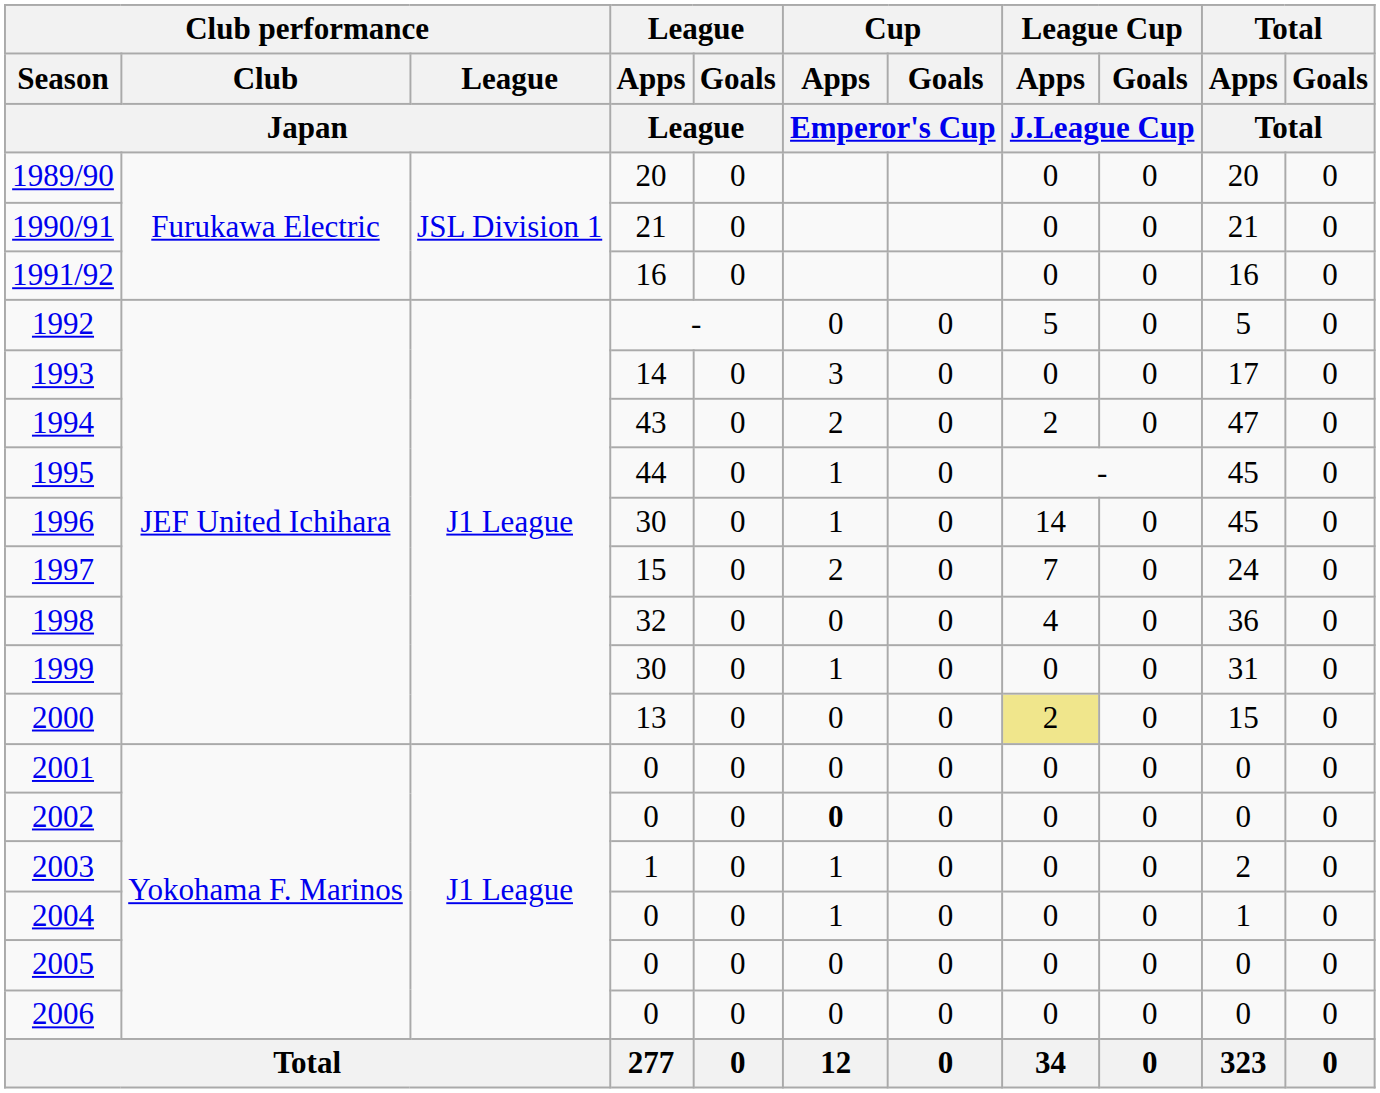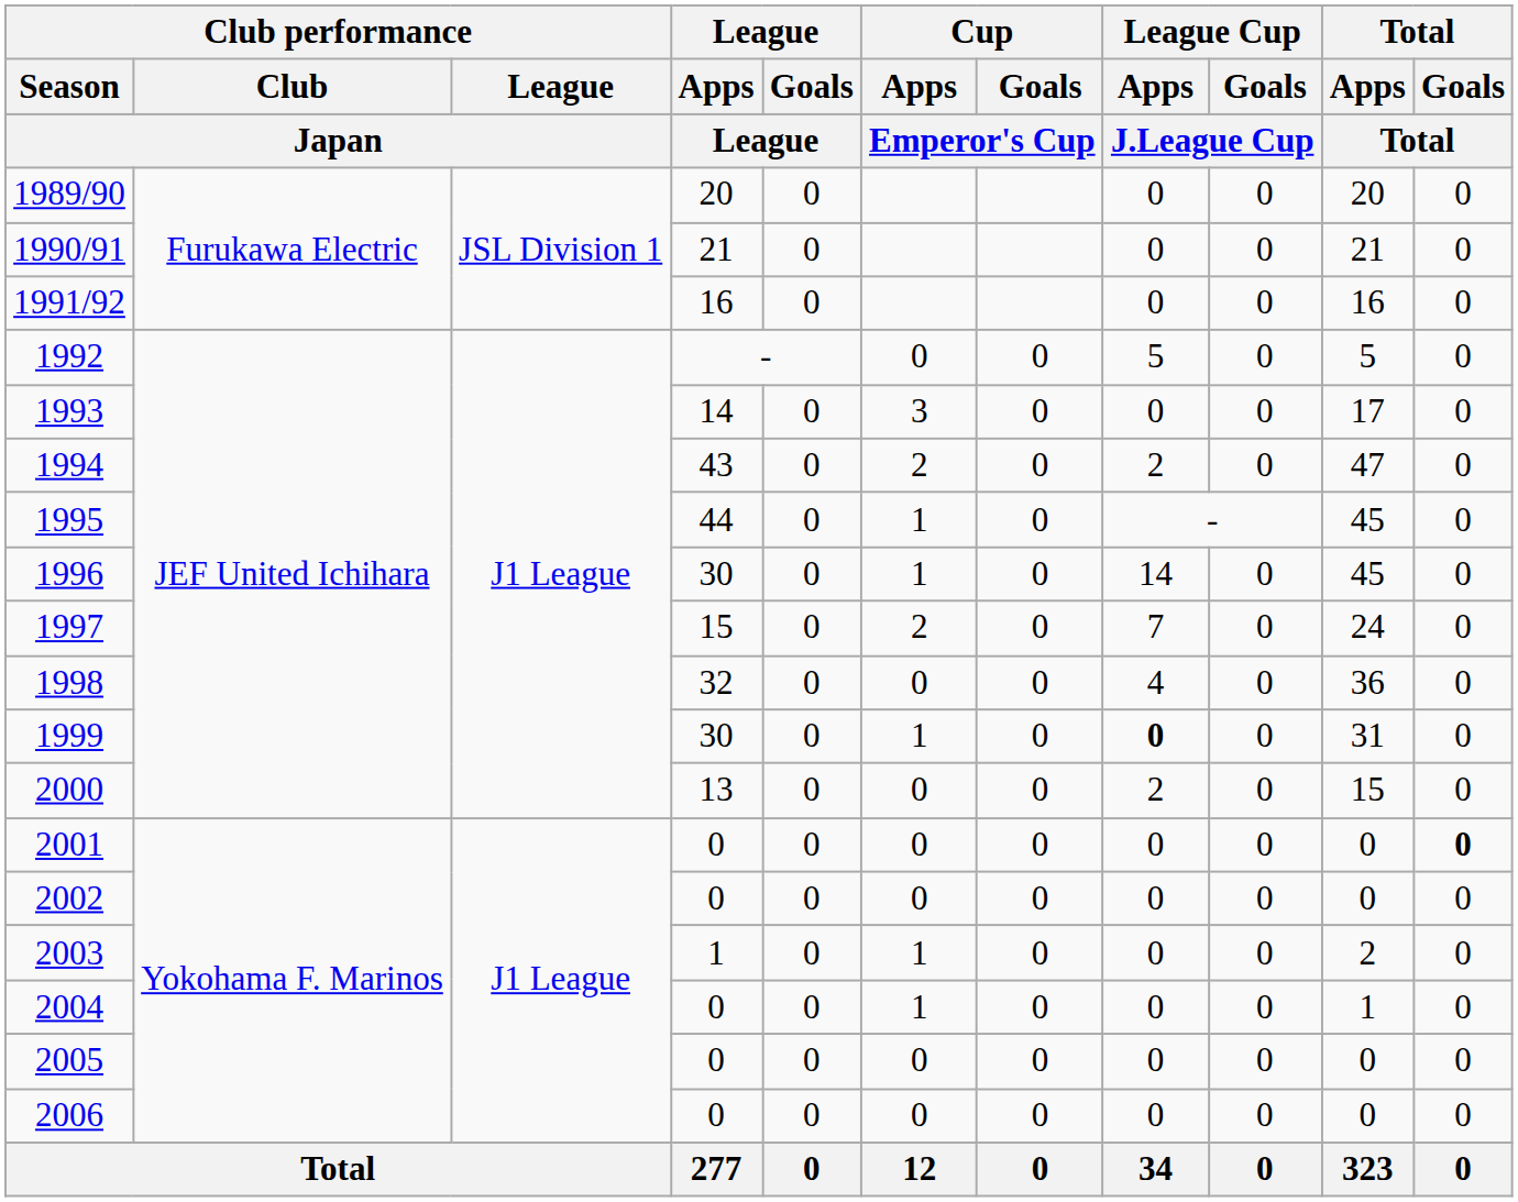 <table class="wikitable" style="text-align:center;">
 <tr>
 <th colspan=3>Club performance</th>
 <th colspan=2>League</th>
 <th colspan=2>Cup</th>
 <th colspan=2>League Cup</th>
 <th colspan=2>Total</th>
 </tr>
 <tr>
 <th>Season</th>
 <th>Club</th>
 <th>League</th>
 <th>Apps</th>
 <th>Goals</th>
 <th>Apps</th>
 <th>Goals</th>
 <th>Apps</th>
 <th>Goals</th>
 <th>Apps</th>
 <th>Goals</th>
 </tr>
 <tr>
 <th colspan=3>Japan</th>
 <th colspan=2>League</th>
 <th colspan=2><a href='#'>Emperor's Cup</a></th>
 <th colspan=2><a href='#'>J.League Cup</a></th>
 <th colspan=2>Total</th>
 </tr>
 <tr>
 <td><a href='#'>1989/90</a></td>
 <td rowspan="3"><a href='#'>Furukawa Electric</a></td>
 <td rowspan="3"><a href='#'>JSL Division 1</a></td>
 <td>20</td>
 <td>0</td>
 <td></td>
 <td></td>
 <td>0</td>
 <td>0</td>
 <td>20</td>
 <td>0</td>
 </tr>
 <tr>
 <td><a href='#'>1990/91</a></td>
 <td>21</td>
 <td>0</td>
 <td></td>
 <td></td>
 <td>0</td>
 <td>0</td>
 <td>21</td>
 <td>0</td>
 </tr>
 <tr>
 <td><a href='#'>1991/92</a></td>
 <td>16</td>
 <td>0</td>
 <td></td>
 <td></td>
 <td>0</td>
 <td>0</td>
 <td>16</td>
 <td>0</td>
 </tr>
 <tr>
 <td><a href='#'>1992</a></td>
 <td rowspan="9"><a href='#'>JEF United Ichihara</a></td>
 <td rowspan="9"><a href='#'>J1 League</a></td>
 <td colspan="2">-</td>
 <td>0</td>
 <td>0</td>
 <td>5</td>
 <td>0</td>
 <td>5</td>
 <td>0</td>
 </tr>
 <tr>
 <td><a href='#'>1993</a></td>
 <td>14</td>
 <td>0</td>
 <td>3</td>
 <td>0</td>
 <td>0</td>
 <td>0</td>
 <td>17</td>
 <td>0</td>
 </tr>
 <tr>
 <td><a href='#'>1994</a></td>
 <td>43</td>
 <td>0</td>
 <td>2</td>
 <td>0</td>
 <td>2</td>
 <td>0</td>
 <td>47</td>
 <td>0</td>
 </tr>
 <tr>
 <td><a href='#'>1995</a></td>
 <td>44</td>
 <td>0</td>
 <td>1</td>
 <td>0</td>
 <td colspan="2">-</td>
 <td>45</td>
 <td>0</td>
 </tr>
 <tr>
 <td><a href='#'>1996</a></td>
 <td>30</td>
 <td>0</td>
 <td>1</td>
 <td>0</td>
 <td>14</td>
 <td>0</td>
 <td>45</td>
 <td>0</td>
 </tr>
 <tr>
 <td><a href='#'>1997</a></td>
 <td>15</td>
 <td>0</td>
 <td>2</td>
 <td>0</td>
 <td>7</td>
 <td>0</td>
 <td>24</td>
 <td>0</td>
 </tr>
 <tr>
 <td><a href='#'>1998</a></td>
 <td>32</td>
 <td>0</td>
 <td>0</td>
 <td>0</td>
 <td>4</td>
 <td>0</td>
 <td>36</td>
 <td>0</td>
 </tr>
 <tr>
 <td><a href='#'>1999</a></td>
 <td>30</td>
 <td>0</td>
 <td>1</td>
 <td>0</td>
-<td>0</td>
+<td><strong>0</strong></td>
 <td>0</td>
 <td>31</td>
 <td>0</td>
 </tr>
 <tr>
 <td><a href='#'>2000</a></td>
 <td>13</td>
 <td>0</td>
 <td>0</td>
 <td>0</td>
-<td style="background: khaki;">2</td>
+<td>2</td>
 <td>0</td>
 <td>15</td>
 <td>0</td>
 </tr>
 <tr>
 <td><a href='#'>2001</a></td>
 <td rowspan="6"><a href='#'>Yokohama F. Marinos</a></td>
 <td rowspan="6"><a href='#'>J1 League</a></td>
 <td>0</td>
 <td>0</td>
 <td>0</td>
 <td>0</td>
 <td>0</td>
 <td>0</td>
 <td>0</td>
-<td>0</td>
+<td><strong>0</strong></td>
 </tr>
 <tr>
 <td><a href='#'>2002</a></td>
 <td>0</td>
 <td>0</td>
-<td><strong>0</strong></td>
+<td>0</td>
 <td>0</td>
 <td>0</td>
 <td>0</td>
 <td>0</td>
 <td>0</td>
 </tr>
 <tr>
 <td><a href='#'>2003</a></td>
 <td>1</td>
 <td>0</td>
 <td>1</td>
 <td>0</td>
 <td>0</td>
 <td>0</td>
 <td>2</td>
 <td>0</td>
 </tr>
 <tr>
 <td><a href='#'>2004</a></td>
 <td>0</td>
 <td>0</td>
 <td>1</td>
 <td>0</td>
 <td>0</td>
 <td>0</td>
 <td>1</td>
 <td>0</td>
 </tr>
 <tr>
 <td><a href='#'>2005</a></td>
 <td>0</td>
 <td>0</td>
 <td>0</td>
 <td>0</td>
 <td>0</td>
 <td>0</td>
 <td>0</td>
 <td>0</td>
 </tr>
 <tr>
 <td><a href='#'>2006</a></td>
 <td>0</td>
 <td>0</td>
 <td>0</td>
 <td>0</td>
 <td>0</td>
 <td>0</td>
 <td>0</td>
 <td>0</td>
 </tr>
 <tr>
 <th colspan=3>Total</th>
 <th>277</th>
 <th>0</th>
 <th>12</th>
 <th>0</th>
 <th>34</th>
 <th>0</th>
 <th>323</th>
 <th>0</th>
 </tr>
 </table>
